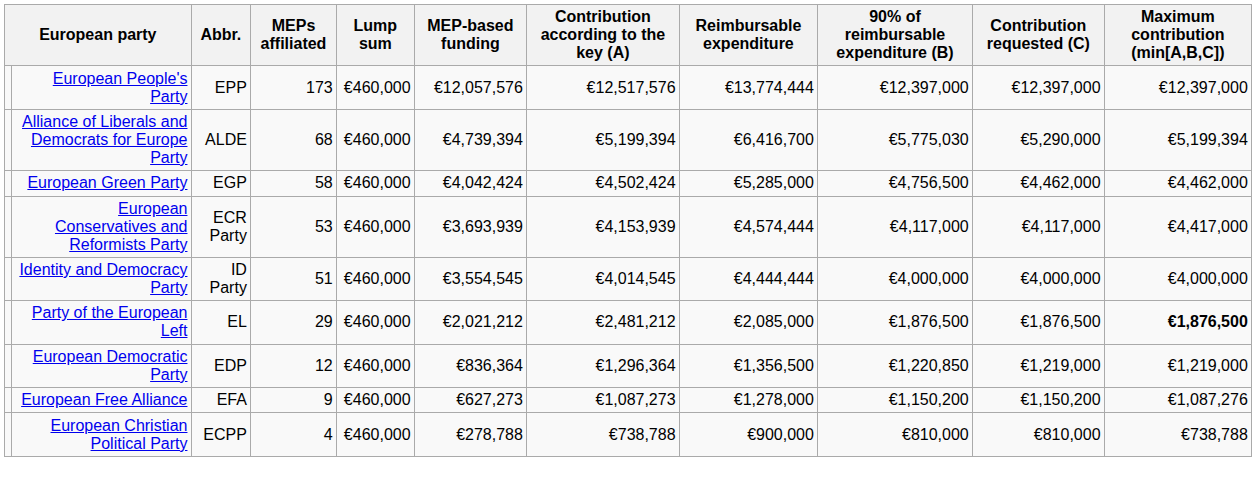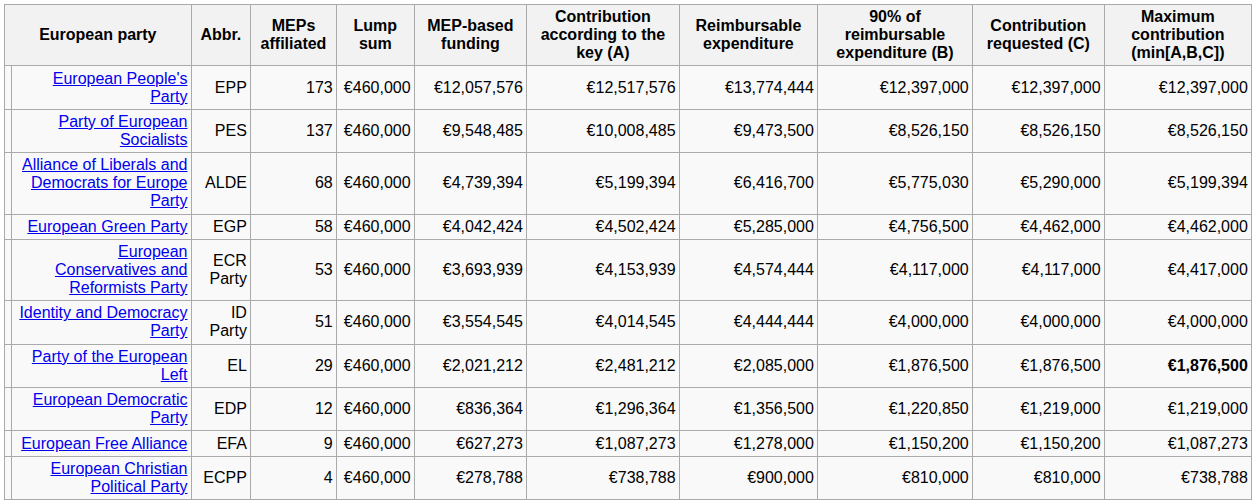 <table class="wikitable centre sortable" style=text-align:right>
 <tr>
 <th colspan="2">European party</th>
 <th>Abbr.</th>
 <th>MEPs affiliated</th>
 <th>Lump sum</th>
 <th>MEP-based funding</th>
 <th>Contribution according to the key (A)</th>
 <th>Reimbursable expenditure</th>
 <th>90% of reimbursable expenditure (B)</th>
 <th>Contribution requested (C)</th>
 <th>Maximum contribution (min[A,B,C])</th>
 </tr>
 <tr>
 <td bgcolor=></td>
 <td><a href='#'>European People's Party</a></td>
 <td>EPP</td>
 <td>173</td>
 <td>€460,000</td>
 <td>€12,057,576</td>
 <td>€12,517,576</td>
 <td>€13,774,444</td>
 <td>€12,397,000</td>
 <td>€12,397,000</td>
 <td>€12,397,000</td>
+</tr>
+<tr>
+<td bgcolor=></td>
+<td><a href='#'>Party of European Socialists</a></td>
+<td>PES</td>
+<td>137</td>
+<td>€460,000</td>
+<td>€9,548,485</td>
+<td>€10,008,485</td>
+<td>€9,473,500</td>
+<td>€8,526,150</td>
+<td>€8,526,150</td>
+<td>€8,526,150</td>
 </tr>
 <tr>
 <td bgcolor=></td>
 <td><a href='#'>Alliance of Liberals and Democrats for Europe Party</a></td>
 <td>ALDE</td>
 <td>68</td>
 <td>€460,000</td>
 <td>€4,739,394</td>
 <td>€5,199,394</td>
 <td>€6,416,700</td>
 <td>€5,775,030</td>
 <td>€5,290,000</td>
 <td>€5,199,394</td>
 </tr>
 <tr>
 <td></td>
 <td><a href='#'>European Green Party</a></td>
 <td>EGP</td>
 <td>58</td>
 <td>€460,000</td>
 <td>€4,042,424</td>
 <td>€4,502,424</td>
 <td>€5,285,000</td>
 <td>€4,756,500</td>
 <td>€4,462,000</td>
 <td>€4,462,000</td>
 </tr>
 <tr>
 <td></td>
 <td><a href='#'>European Conservatives and Reformists Party</a></td>
 <td>ECR Party</td>
 <td>53</td>
 <td>€460,000</td>
 <td>€3,693,939</td>
 <td>€4,153,939</td>
 <td>€4,574,444</td>
 <td>€4,117,000</td>
 <td>€4,117,000</td>
 <td>€4,417,000</td>
 </tr>
 <tr>
 <td></td>
 <td><a href='#'>Identity and Democracy Party</a></td>
 <td>ID Party</td>
 <td>51</td>
 <td>€460,000</td>
 <td>€3,554,545</td>
 <td>€4,014,545</td>
 <td>€4,444,444</td>
 <td>€4,000,000</td>
 <td>€4,000,000</td>
 <td>€4,000,000</td>
 </tr>
 <tr>
 <td bgcolor=></td>
 <td><a href='#'>Party of the European Left</a></td>
 <td>EL</td>
 <td>29</td>
 <td>€460,000</td>
 <td>€2,021,212</td>
 <td>€2,481,212</td>
 <td>€2,085,000</td>
 <td>€1,876,500</td>
 <td>€1,876,500</td>
 <td><strong>€1,876,500</strong></td>
 </tr>
 <tr>
 <td></td>
 <td><a href='#'>European Democratic Party</a></td>
 <td>EDP</td>
 <td>12</td>
 <td>€460,000</td>
 <td>€836,364</td>
 <td>€1,296,364</td>
 <td>€1,356,500</td>
 <td>€1,220,850</td>
 <td>€1,219,000</td>
 <td>€1,219,000</td>
 </tr>
 <tr>
 <td></td>
 <td><a href='#'>European Free Alliance</a></td>
 <td>EFA</td>
 <td>9</td>
 <td>€460,000</td>
 <td>€627,273</td>
 <td>€1,087,273</td>
 <td>€1,278,000</td>
 <td>€1,150,200</td>
 <td>€1,150,200</td>
-<td>€1,087,276</td>
+<td>€1,087,273</td>
 </tr>
 <tr>
 <td></td>
 <td><a href='#'>European Christian Political Party</a></td>
 <td>ECPP</td>
 <td>4</td>
 <td>€460,000</td>
 <td>€278,788</td>
 <td>€738,788</td>
 <td>€900,000</td>
 <td>€810,000</td>
 <td>€810,000</td>
 <td>€738,788</td>
 </tr>
 </table>
